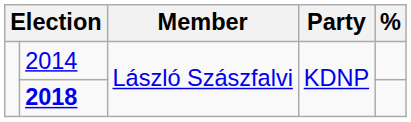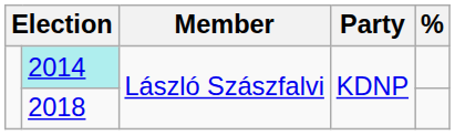 <table class=wikitable>
 <tr>
 <th colspan=2>Election</th>
 <th>Member</th>
 <th>Party</th>
 <th>%</th>
 </tr>
 <tr>
 <td rowspan=2 bgcolor=></td>
-<td><a href='#'>2014</a></td>
+<td style="background: paleturquoise;"><a href='#'>2014</a></td>
 <td rowspan=2><a href='#'>László Szászfalvi</a></td>
 <td rowspan=2><a href='#'>KDNP</a></td>
 <td align=right></td>
 </tr>
 <tr>
-<td><strong><a href='#'>2018</a></strong></td>
+<td><a href='#'>2018</a></td>
 <td align=right></td>
 </tr>
 </table>
